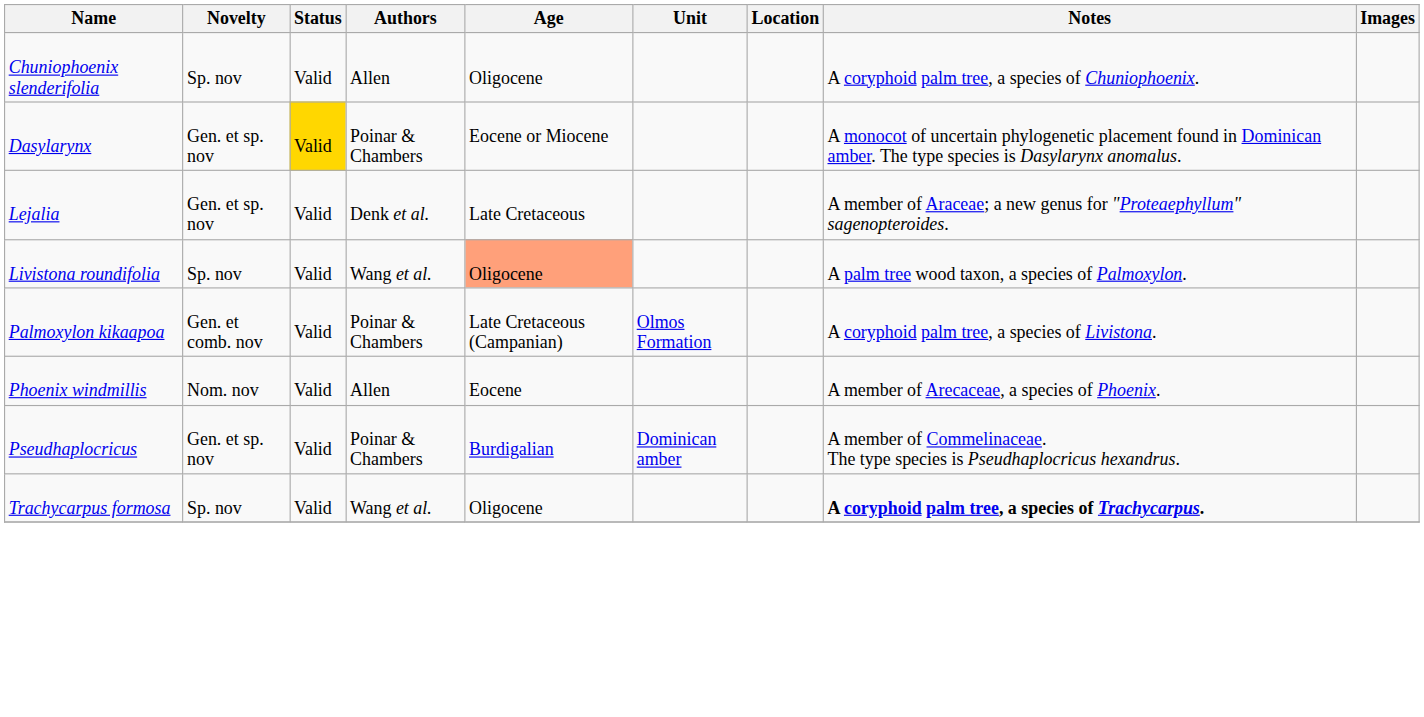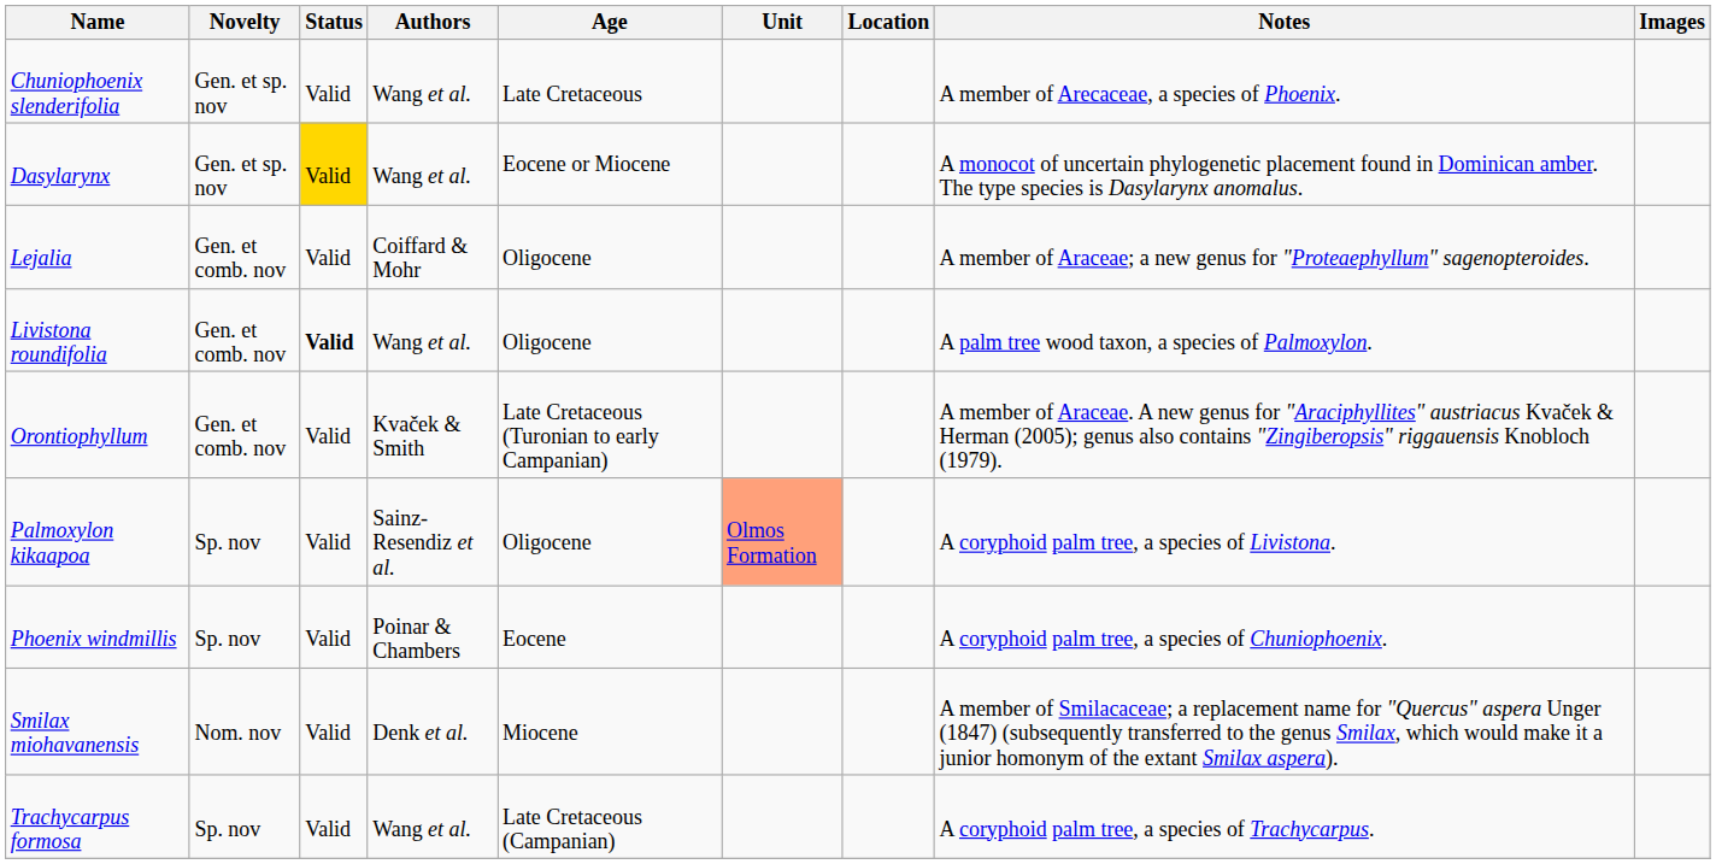 <table class="wikitable sortable" align="center" width="100%">
 <tr>
 <th>Name</th>
 <th>Novelty</th>
 <th>Status</th>
 <th>Authors</th>
 <th>Age</th>
 <th>Unit</th>
 <th>Location</th>
 <th>Notes</th>
 <th>Images</th>
 </tr>
 <tr>
 <td><br><em><a href='#'>Chuniophoenix slenderifolia</a></em></td>
-<td><br>Sp. nov</td>
+<td><br>Gen. et sp. nov</td>
 <td><br>Valid</td>
-<td><br>Allen</td>
-<td><br>Oligocene</td>
+<td><br>Wang <em>et al.</em></td>
+<td><br>Late Cretaceous</td>
 <td></td>
 <td><br></td>
-<td><br>A <a href='#'>coryphoid</a> <a href='#'>palm tree</a>, a species of <em><a href='#'>Chuniophoenix</a></em>.</td>
+<td><br>A member of <a href='#'>Arecaceae</a>, a species of <em><a href='#'>Phoenix</a></em>.</td>
 <td></td>
 </tr>
 <tr>
 <td><br><em><a href='#'>Dasylarynx</a></em></td>
 <td><br>Gen. et sp. nov</td>
 <td style="background: gold;"><br>Valid</td>
-<td><br>Poinar & Chambers</td>
+<td><br>Wang <em>et al.</em></td>
 <td>Eocene or Miocene</td>
 <td></td>
 <td><br></td>
 <td><br>A <a href='#'>monocot</a> of uncertain phylogenetic placement found in <a href='#'>Dominican amber</a>. The type species is <em>Dasylarynx anomalus</em>.</td>
 <td></td>
 </tr>
 <tr>
 <td><br><em><a href='#'>Lejalia</a></em></td>
-<td><br>Gen. et sp. nov</td>
+<td><br>Gen. et comb. nov</td>
 <td><br>Valid</td>
-<td><br>Denk <em>et al.</em></td>
-<td><br>Late Cretaceous</td>
+<td><br>Coiffard & Mohr</td>
+<td><br>Oligocene</td>
 <td></td>
 <td><br></td>
 <td><br>A member of <a href='#'>Araceae</a>; a new genus for <em>"<a href='#'>Proteaephyllum</a>" sagenopteroides</em>.</td>
 <td></td>
 </tr>
 <tr>
 <td><br><em><a href='#'>Livistona roundifolia</a></em></td>
-<td><br>Sp. nov</td>
-<td><br>Valid</td>
+<td><br>Gen. et comb. nov</td>
+<td><strong><br>Valid</strong></td>
 <td><br>Wang <em>et al.</em></td>
-<td style="background: lightsalmon;"><br>Oligocene</td>
+<td><br>Oligocene</td>
 <td></td>
 <td><br></td>
 <td><br>A <a href='#'>palm tree</a> wood taxon, a species of <em><a href='#'>Palmoxylon</a></em>.</td>
 <td></td>
 </tr>
 <tr>
-<td><br><em><a href='#'>Palmoxylon kikaapoa</a></em></td>
+<td><br><em><a href='#'>Orontiophyllum</a></em></td>
 <td><br>Gen. et comb. nov</td>
 <td><br>Valid</td>
-<td><br>Poinar & Chambers</td>
-<td><br>Late Cretaceous (Campanian)</td>
-<td><br><a href='#'>Olmos Formation</a></td>
+<td><br>Kvaček & Smith</td>
+<td><br>Late Cretaceous (Turonian to early Campanian)</td>
+<td></td>
+<td><br><br> </td>
+<td><br>A member of <a href='#'>Araceae</a>. A new genus for <em>"<a href='#'>Araciphyllites</a>" austriacus</em> Kvaček & Herman (2005); genus also contains <em>"<a href='#'>Zingiberopsis</a>" riggauensis</em> Knobloch (1979).</td>
+<td></td>
+</tr>
+<tr>
+<td><br><em><a href='#'>Palmoxylon kikaapoa</a></em></td>
+<td><br>Sp. nov</td>
+<td><br>Valid</td>
+<td><br>Sainz-Resendiz <em>et al.</em></td>
+<td><br>Oligocene</td>
+<td style="background: lightsalmon;"><br><a href='#'>Olmos Formation</a></td>
 <td><br></td>
 <td><br>A <a href='#'>coryphoid</a> <a href='#'>palm tree</a>, a species of <em><a href='#'>Livistona</a></em>.</td>
 <td></td>
 </tr>
 <tr>
 <td><br><em><a href='#'>Phoenix windmillis</a></em></td>
-<td><br>Nom. nov</td>
+<td><br>Sp. nov</td>
 <td><br>Valid</td>
-<td><br>Allen</td>
+<td><br>Poinar & Chambers</td>
 <td><br>Eocene</td>
 <td></td>
 <td><br></td>
-<td><br>A member of <a href='#'>Arecaceae</a>, a species of <em><a href='#'>Phoenix</a></em>.</td>
+<td><br>A <a href='#'>coryphoid</a> <a href='#'>palm tree</a>, a species of <em><a href='#'>Chuniophoenix</a></em>.</td>
 <td></td>
 </tr>
 <tr>
-<td><br><em><a href='#'>Pseudhaplocricus</a></em></td>
-<td><br>Gen. et sp. nov</td>
+<td><br><em><a href='#'>Smilax miohavanensis</a></em></td>
+<td><br>Nom. nov</td>
 <td><br>Valid</td>
-<td><br>Poinar & Chambers</td>
-<td><br><a href='#'>Burdigalian</a></td>
-<td><br><a href='#'>Dominican amber</a></td>
-<td><br></td>
-<td><br>A member of <a href='#'>Commelinaceae</a>.<br> The type species is <em>Pseudhaplocricus hexandrus</em>.</td>
+<td><br>Denk <em>et al.</em></td>
+<td><br>Miocene</td>
+<td></td>
+<td><br><br> <br> </td>
+<td><br>A member of <a href='#'>Smilacaceae</a>; a replacement name for <em>"Quercus" aspera</em> Unger (1847) (subsequently transferred to the genus <em><a href='#'>Smilax</a></em>, which would make it a junior homonym of the extant <em><a href='#'>Smilax aspera</a></em>).</td>
 <td></td>
 </tr>
 <tr>
 <td><br><em><a href='#'>Trachycarpus formosa</a></em></td>
 <td><br>Sp. nov</td>
 <td><br>Valid</td>
 <td><br>Wang <em>et al.</em></td>
-<td><br>Oligocene</td>
+<td><br>Late Cretaceous (Campanian)</td>
 <td></td>
 <td><br></td>
-<td><strong><br>A <a href='#'>coryphoid</a> <a href='#'>palm tree</a>, a species of <em><a href='#'>Trachycarpus</a></em>.</strong></td>
+<td><br>A <a href='#'>coryphoid</a> <a href='#'>palm tree</a>, a species of <em><a href='#'>Trachycarpus</a></em>.</td>
 <td></td>
 </tr>
 <tr>
 </tr>
 </table>
